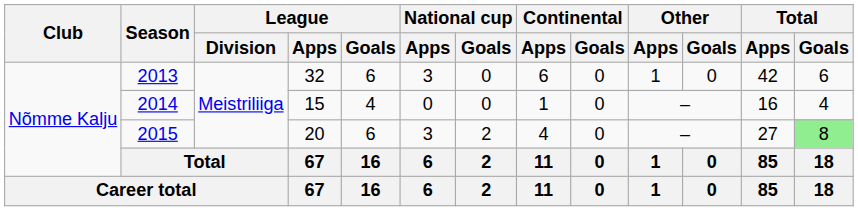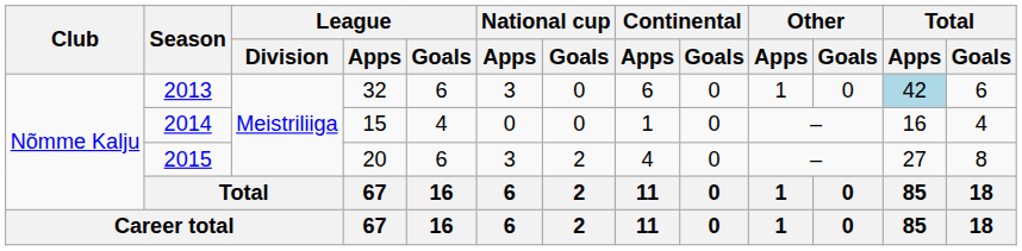 <table class="wikitable" style="text-align: center;">
 <tr>
 <th rowspan="2">Club</th>
 <th rowspan="2">Season</th>
 <th colspan="3">League</th>
 <th colspan="2">National cup</th>
 <th colspan="2">Continental</th>
 <th colspan="2">Other</th>
 <th colspan="2">Total</th>
 </tr>
 <tr>
 <th>Division</th>
 <th>Apps</th>
 <th>Goals</th>
 <th>Apps</th>
 <th>Goals</th>
 <th>Apps</th>
 <th>Goals</th>
 <th>Apps</th>
 <th>Goals</th>
 <th>Apps</th>
 <th>Goals</th>
 </tr>
 <tr>
 <td rowspan="4"><a href='#'>Nõmme Kalju</a></td>
 <td><a href='#'>2013</a></td>
 <td rowspan="3"><a href='#'>Meistriliiga</a></td>
 <td>32</td>
 <td>6</td>
 <td>3</td>
 <td>0</td>
 <td>6</td>
 <td>0</td>
 <td>1</td>
 <td>0</td>
-<td>42</td>
+<td style="background: lightblue;">42</td>
 <td>6</td>
 </tr>
 <tr>
 <td><a href='#'>2014</a></td>
 <td>15</td>
 <td>4</td>
 <td>0</td>
 <td>0</td>
 <td>1</td>
 <td>0</td>
 <td colspan="2">–</td>
 <td>16</td>
 <td>4</td>
 </tr>
 <tr>
 <td><a href='#'>2015</a></td>
 <td>20</td>
 <td>6</td>
 <td>3</td>
 <td>2</td>
 <td>4</td>
 <td>0</td>
 <td colspan="2">–</td>
 <td>27</td>
-<td style="background: lightgreen;">8</td>
+<td>8</td>
 </tr>
 <tr>
 <th colspan="2">Total</th>
 <th>67</th>
 <th>16</th>
 <th>6</th>
 <th>2</th>
 <th>11</th>
 <th>0</th>
 <th>1</th>
 <th>0</th>
 <th>85</th>
 <th>18</th>
 </tr>
 <tr>
 <th colspan="3">Career total</th>
 <th>67</th>
 <th>16</th>
 <th>6</th>
 <th>2</th>
 <th>11</th>
 <th>0</th>
 <th>1</th>
 <th>0</th>
 <th>85</th>
 <th>18</th>
 </tr>
 </table>
